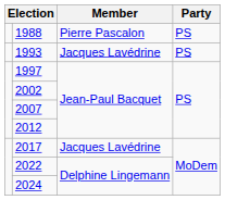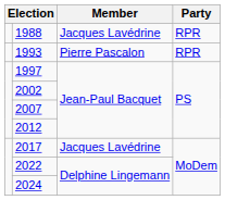 <table class="wikitable">
 <tr>
 <th colspan=2>Election</th>
 <th>Member</th>
 <th>Party</th>
 </tr>
 <tr>
 <td style="background-color: "></td>
 <td><a href='#'>1988</a></td>
-<td><a href='#'>Pierre Pascalon</a></td>
-<td><a href='#'>PS</a></td>
+<td><a href='#'>Jacques Lavédrine</a></td>
+<td><a href='#'>RPR</a></td>
 </tr>
 <tr>
 <td style="background-color: "></td>
 <td><a href='#'>1993</a></td>
-<td><a href='#'>Jacques Lavédrine</a></td>
-<td><a href='#'>PS</a></td>
+<td><a href='#'>Pierre Pascalon</a></td>
+<td><a href='#'>RPR</a></td>
 </tr>
 <tr>
 <td rowspan="4" style="background-color: "></td>
 <td><a href='#'>1997</a></td>
 <td rowspan="4"><a href='#'>Jean-Paul Bacquet</a></td>
 <td rowspan="4"><a href='#'>PS</a></td>
 </tr>
 <tr>
 <td><a href='#'>2002</a></td>
 </tr>
 <tr>
 <td><a href='#'>2007</a></td>
 </tr>
 <tr>
 <td><a href='#'>2012</a></td>
 </tr>
 <tr>
 <td rowspan="3" style="background-color: "></td>
 <td><a href='#'>2017</a></td>
 <td><a href='#'>Jacques Lavédrine</a></td>
 <td rowspan="3"><a href='#'>MoDem</a></td>
 </tr>
 <tr>
 <td><a href='#'>2022</a></td>
 <td rowspan="2"><a href='#'>Delphine Lingemann</a></td>
 </tr>
 <tr>
 <td><a href='#'>2024</a></td>
 </tr>
 </table>
